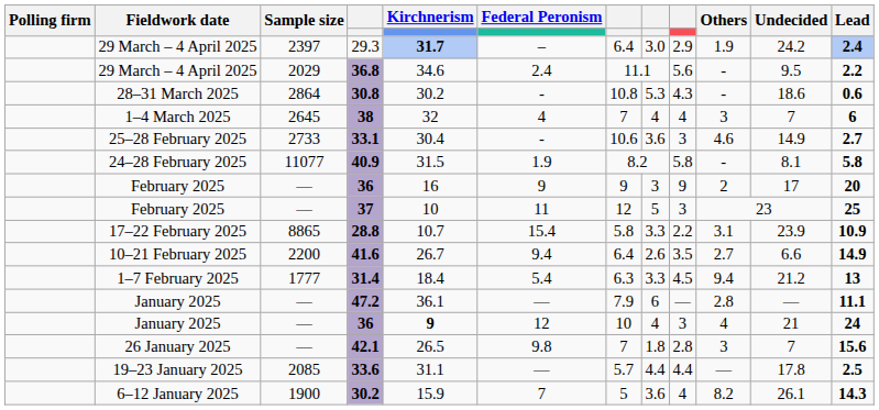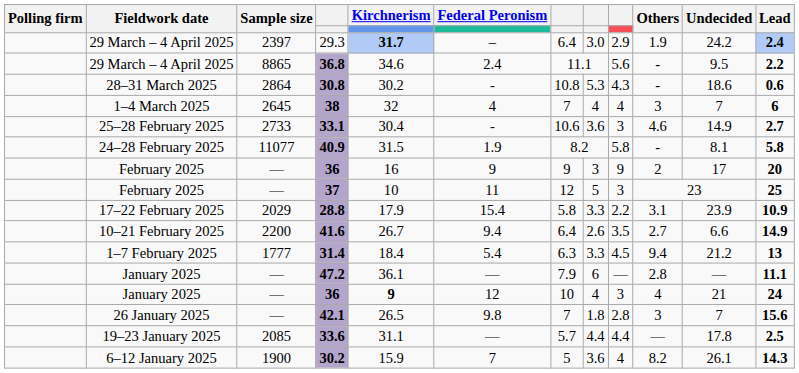 <table class="wikitable sortable" style="text-align:center;font-size:90%;line-height:14px;">
 <tr>
 <th rowspan="2">Polling firm</th>
 <th rowspan="2">Fieldwork date</th>
 <th rowspan="2">Sample size</th>
 <th></th>
 <th><a href='#'>Kirchnerism</a></th>
 <th><a href='#'>Federal Peronism</a></th>
 <th></th>
 <th></th>
 <th></th>
 <th rowspan="2">Others</th>
 <th rowspan="2">Undecided</th>
 <th rowspan="2" style="width:25px;">Lead</th>
 </tr>
 <tr>
 <th data-sort-type="number" style="background:"></th>
 <th data-sort-type="number" style="background:#6495ED;"></th>
 <th data-sort-type="number" style="background:#1bbb9c;"></th>
 <th data-sort-type="number" style="background:"></th>
 <th data-sort-type="number" style="background:"></th>
 <th data-sort-type="number" style="background:#f74f58;"></th>
 </tr>
 <tr>
 <td></td>
 <td>29 March – 4 April 2025</td>
 <td>2397</td>
 <td>29.3</td>
 <td style="background:#B1CAF6;"><strong>31.7</strong></td>
 <td>–</td>
 <td>6.4</td>
 <td>3.0</td>
 <td>2.9</td>
 <td>1.9</td>
 <td>24.2</td>
 <td style="background:#B1CAF6;"><strong>2.4</strong></td>
 </tr>
 <tr>
 <td></td>
 <td>29 March – 4 April 2025</td>
-<td>2029</td>
+<td>8865</td>
 <td style="background:#B4A5CC;"><strong>36.8</strong></td>
 <td>34.6</td>
 <td>2.4</td>
 <td colspan="2">11.1</td>
 <td>5.6</td>
 <td>-</td>
 <td>9.5</td>
 <td style="background:"><strong>2.2</strong></td>
 </tr>
 <tr>
 <td></td>
 <td>28–31 March 2025</td>
 <td>2864</td>
 <td style="background:#B4A5CC;"><strong>30.8</strong></td>
 <td>30.2</td>
 <td>-</td>
 <td>10.8</td>
 <td>5.3</td>
 <td>4.3</td>
 <td>-</td>
 <td>18.6</td>
 <td style="background:"><strong>0.6</strong></td>
 </tr>
 <tr>
 <td></td>
 <td>1–4 March 2025</td>
 <td>2645</td>
 <td style="background:#B4A5CC;"><strong>38</strong></td>
 <td>32</td>
 <td>4</td>
 <td>7</td>
 <td>4</td>
 <td>4</td>
 <td>3</td>
 <td>7</td>
 <td style="background:"><strong>6</strong></td>
 </tr>
 <tr>
 <td></td>
 <td>25–28 February 2025</td>
 <td>2733</td>
 <td style="background:#B4A5CC;"><strong>33.1</strong></td>
 <td>30.4</td>
 <td>-</td>
 <td>10.6</td>
 <td>3.6</td>
 <td>3</td>
 <td>4.6</td>
 <td>14.9</td>
 <td style="background:"><strong>2.7</strong></td>
 </tr>
 <tr>
 <td></td>
 <td>24–28 February 2025</td>
 <td>11077</td>
 <td style="background:#B4A5CC;"><strong>40.9</strong></td>
 <td>31.5</td>
 <td>1.9</td>
 <td colspan="2">8.2</td>
 <td>5.8</td>
 <td>-</td>
 <td>8.1</td>
 <td style="background:"><strong>5.8</strong></td>
 </tr>
 <tr>
 <td></td>
 <td>February 2025</td>
 <td>—</td>
 <td style="background:#B4A5CC;"><strong>36</strong></td>
 <td>16</td>
 <td>9</td>
 <td>9</td>
 <td>3</td>
 <td>9</td>
 <td>2</td>
 <td>17</td>
 <td style="background:"><strong>20</strong></td>
 </tr>
 <tr>
 <td></td>
 <td>February 2025</td>
 <td>—</td>
 <td style="background:#B4A5CC;"><strong>37</strong></td>
 <td>10</td>
 <td>11</td>
 <td>12</td>
 <td>5</td>
 <td>3</td>
 <td colspan="2">23</td>
 <td style="background:"><strong>25</strong></td>
 </tr>
 <tr>
 <td></td>
 <td>17–22 February 2025</td>
-<td>8865</td>
+<td>2029</td>
 <td style="background:#B4A5CC;"><strong>28.8</strong></td>
-<td>10.7</td>
+<td>17.9</td>
 <td>15.4</td>
 <td>5.8</td>
 <td>3.3</td>
 <td>2.2</td>
 <td>3.1</td>
 <td>23.9</td>
 <td style="background:"><strong>10.9</strong></td>
 </tr>
 <tr>
 <td></td>
 <td>10–21 February 2025</td>
 <td>2200</td>
 <td style="background:#B4A5CC;"><strong>41.6</strong></td>
 <td>26.7</td>
 <td>9.4</td>
 <td>6.4</td>
 <td>2.6</td>
 <td>3.5</td>
 <td>2.7</td>
 <td>6.6</td>
 <td style="background:"><strong>14.9</strong></td>
 </tr>
 <tr>
 <td></td>
 <td>1–7 February 2025</td>
 <td>1777</td>
 <td style="background:#B4A5CC;"><strong>31.4</strong></td>
 <td>18.4</td>
 <td>5.4</td>
 <td>6.3</td>
 <td>3.3</td>
 <td>4.5</td>
 <td>9.4</td>
 <td>21.2</td>
 <td style="background:"><strong>13</strong></td>
 </tr>
 <tr>
 <td></td>
 <td>January 2025</td>
 <td>—</td>
 <td style="background:#B4A5CC;"><strong>47.2</strong></td>
 <td>36.1</td>
 <td>—</td>
 <td>7.9</td>
 <td>6</td>
 <td>—</td>
 <td>2.8</td>
 <td>—</td>
 <td style="background:"><strong>11.1</strong></td>
 </tr>
 <tr>
 <td></td>
 <td>January 2025</td>
 <td>—</td>
 <td style="background:#B4A5CC;"><strong>36</strong></td>
 <td><strong>9</strong></td>
 <td>12</td>
 <td>10</td>
 <td>4</td>
 <td>3</td>
 <td>4</td>
 <td>21</td>
 <td style="background:"><strong>24</strong></td>
 </tr>
 <tr>
 <td></td>
 <td>26 January 2025</td>
 <td>—</td>
 <td style="background:#B4A5CC;"><strong>42.1</strong></td>
 <td>26.5</td>
 <td>9.8</td>
 <td>7</td>
 <td>1.8</td>
 <td>2.8</td>
 <td>3</td>
 <td>7</td>
 <td style="background:"><strong>15.6</strong></td>
 </tr>
 <tr>
 <td></td>
 <td>19–23 January 2025</td>
 <td>2085</td>
 <td style="background:#B4A5CC;"><strong>33.6</strong></td>
 <td>31.1</td>
 <td>—</td>
 <td>5.7</td>
 <td>4.4</td>
 <td>4.4</td>
 <td>—</td>
 <td>17.8</td>
 <td style="background:"><strong>2.5</strong></td>
 </tr>
 <tr>
 <td></td>
 <td>6–12 January 2025</td>
 <td>1900</td>
 <td style="background:#B4A5CC;"><strong>30.2</strong></td>
 <td>15.9</td>
 <td>7</td>
 <td>5</td>
 <td>3.6</td>
 <td>4</td>
 <td>8.2</td>
 <td>26.1</td>
 <td style="background:"><strong>14.3</strong></td>
 </tr>
 </table>
